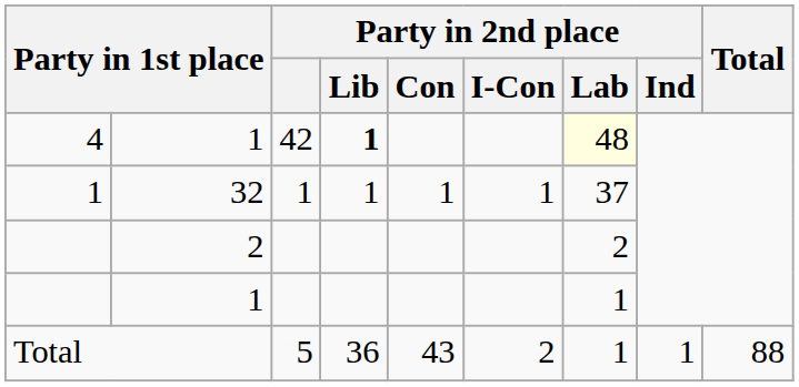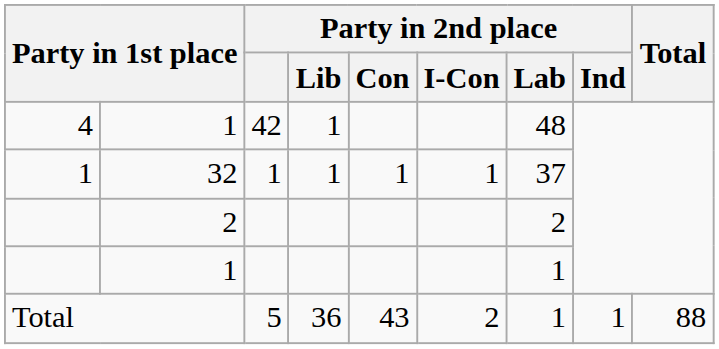 <table class="wikitable" style="text-align:right;">
 <tr>
 <th rowspan="2" colspan="2" style="text-align:left;">Party in 1st place</th>
 <th colspan="6">Party in 2nd place</th>
 <th rowspan="2">Total</th>
 </tr>
 <tr>
 <th></th>
 <th>Lib</th>
 <th>Con</th>
 <th>I-Con</th>
 <th>Lab</th>
 <th>Ind</th>
 </tr>
 <tr>
 <td>4</td>
 <td>1</td>
 <td>42</td>
-<td><strong>1</strong></td>
+<td>1</td>
 <td></td>
 <td></td>
-<td style="background: lightyellow;">48</td>
+<td>48</td>
 </tr>
 <tr>
 <td>1</td>
 <td>32</td>
 <td>1</td>
 <td>1</td>
 <td>1</td>
 <td>1</td>
 <td>37</td>
 </tr>
 <tr>
 <td></td>
 <td>2</td>
 <td></td>
 <td></td>
 <td></td>
 <td></td>
 <td>2</td>
 </tr>
 <tr>
 <td></td>
 <td>1</td>
 <td></td>
 <td></td>
 <td></td>
 <td></td>
 <td>1</td>
 </tr>
 <tr>
 <td colspan="2" style="text-align:left;">Total</td>
 <td>5</td>
 <td>36</td>
 <td>43</td>
 <td>2</td>
 <td>1</td>
 <td>1</td>
 <td>88</td>
 </tr>
 </table>
